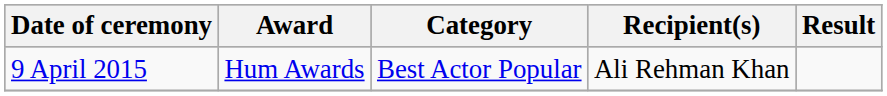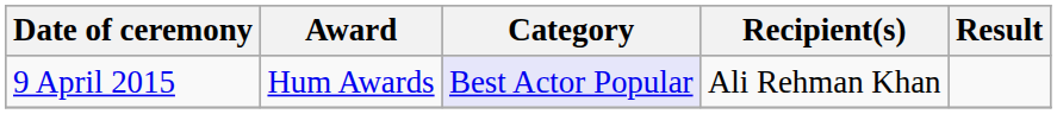 <table class="wikitable">
 <tr>
 <th>Date of ceremony</th>
 <th>Award</th>
 <th>Category</th>
 <th>Recipient(s)</th>
 <th>Result</th>
 </tr>
 <tr>
 <td><a href='#'>9 April 2015</a></td>
 <td><a href='#'>Hum Awards</a></td>
-<td><a href='#'>Best Actor Popular</a></td>
+<td style="background: lavender;"><a href='#'>Best Actor Popular</a></td>
 <td>Ali Rehman Khan</td>
 <td></td>
 </tr>
 <tr>
 </tr>
 </table>
